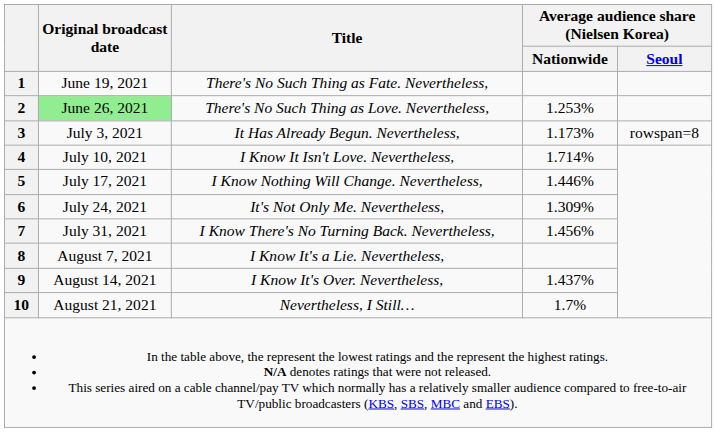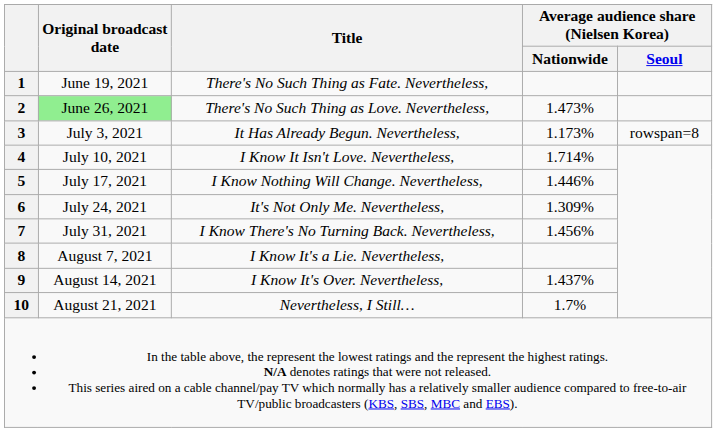 <table class="wikitable" style="text-align:center; max-width:730px">
 <tr>
 </tr>
 <tr>
 <th rowspan="2"></th>
 <th rowspan="2" width="130">Original broadcast date</th>
 <th rowspan="2">Title</th>
 <th colspan="2">Average audience share<br>(Nielsen Korea)</th>
 </tr>
 <tr>
 <th width="90">Nationwide</th>
 <th width="90"><a href='#'>Seoul</a></th>
 </tr>
 <tr>
 <th>1</th>
 <td>June 19, 2021</td>
 <td><em>There's No Such Thing as Fate. Nevertheless,</em></td>
 <td><strong></strong></td>
 <td><strong></strong></td>
 </tr>
 <tr>
 <th>2</th>
 <td style="background: lightgreen;">June 26, 2021</td>
 <td><em>There's No Such Thing as Love. Nevertheless,</em></td>
-<td>1.253%</td>
+<td>1.473%</td>
 <td><strong></strong></td>
 </tr>
 <tr>
 <th>3</th>
 <td>July 3, 2021</td>
 <td><em>It Has Already Begun. Nevertheless,</em></td>
 <td>1.173%</td>
 <td>rowspan=8 </td>
 </tr>
 <tr>
 <th>4</th>
 <td>July 10, 2021</td>
 <td><em>I Know It Isn't Love. Nevertheless,</em></td>
 <td>1.714%</td>
 </tr>
 <tr>
 <th>5</th>
 <td>July 17, 2021</td>
 <td><em>I Know Nothing Will Change. Nevertheless,</em></td>
 <td>1.446%</td>
 </tr>
 <tr>
 <th>6</th>
 <td>July 24, 2021</td>
 <td><em>It's Not Only Me. Nevertheless,</em></td>
 <td>1.309%</td>
 </tr>
 <tr>
 <th>7</th>
 <td>July 31, 2021</td>
 <td><em>I Know There's No Turning Back. Nevertheless,</em></td>
 <td>1.456%</td>
 </tr>
 <tr>
 <th>8</th>
 <td>August 7, 2021</td>
 <td><em>I Know It's a Lie. Nevertheless,</em></td>
 <td><strong></strong></td>
 </tr>
 <tr>
 <th>9</th>
 <td>August 14, 2021</td>
 <td><em>I Know It's Over. Nevertheless,</em></td>
 <td>1.437%</td>
 </tr>
 <tr>
 <th>10</th>
 <td>August 21, 2021</td>
 <td><em>Nevertheless, I Still…</em></td>
 <td>1.7%</td>
 </tr>
 <tr>
 <td colspan="5" style="font-size:85%"><br><ul><li>In the table above, the <strong></strong> represent the lowest ratings and the <strong></strong> represent the highest ratings.</li><li><strong>N/A</strong> denotes ratings that were not released.</li><li>This series aired on a cable channel/pay TV which normally has a relatively smaller audience compared to free-to-air TV/public broadcasters (<a href='#'>KBS</a>, <a href='#'>SBS</a>, <a href='#'>MBC</a> and <a href='#'>EBS</a>).</li></ul></td>
 </tr>
 </table>
